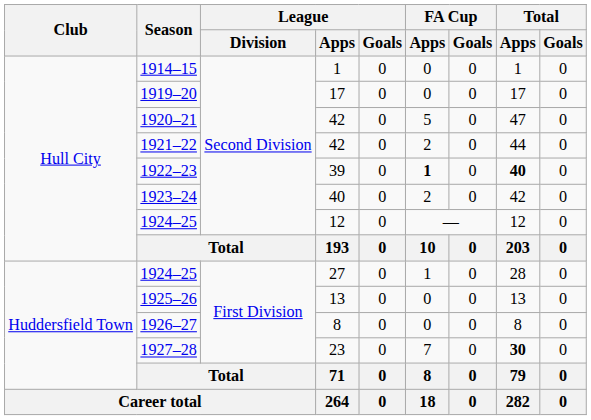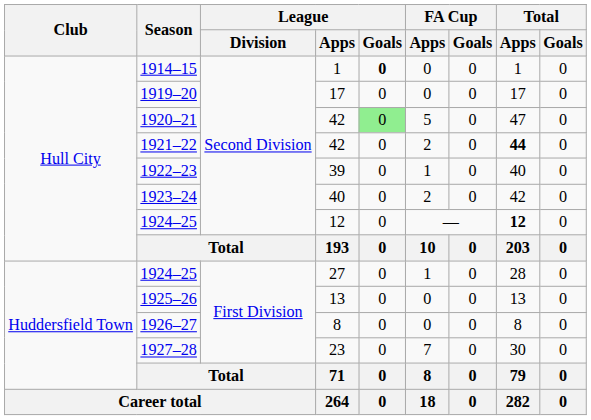 <table class="wikitable" style="text-align: center;">
 <tr>
 <th rowspan="2">Club</th>
 <th rowspan="2">Season</th>
 <th colspan="3">League</th>
 <th colspan="2">FA Cup</th>
 <th colspan="2">Total</th>
 </tr>
 <tr>
 <th>Division</th>
 <th>Apps</th>
 <th>Goals</th>
 <th>Apps</th>
 <th>Goals</th>
 <th>Apps</th>
 <th>Goals</th>
 </tr>
 <tr>
 <td rowspan="8"><a href='#'>Hull City</a></td>
 <td><a href='#'>1914–15</a></td>
 <td rowspan="7"><a href='#'>Second Division</a></td>
 <td>1</td>
-<td>0</td>
+<td><strong>0</strong></td>
 <td>0</td>
 <td>0</td>
 <td>1</td>
 <td>0</td>
 </tr>
 <tr>
 <td><a href='#'>1919–20</a></td>
 <td>17</td>
 <td>0</td>
 <td>0</td>
 <td>0</td>
 <td>17</td>
 <td>0</td>
 </tr>
 <tr>
 <td><a href='#'>1920–21</a></td>
 <td>42</td>
-<td>0</td>
+<td style="background: lightgreen;">0</td>
 <td>5</td>
 <td>0</td>
 <td>47</td>
 <td>0</td>
 </tr>
 <tr>
 <td><a href='#'>1921–22</a></td>
 <td>42</td>
 <td>0</td>
 <td>2</td>
 <td>0</td>
-<td>44</td>
+<td><strong>44</strong></td>
 <td>0</td>
 </tr>
 <tr>
 <td><a href='#'>1922–23</a></td>
 <td>39</td>
 <td>0</td>
-<td><strong>1</strong></td>
+<td>1</td>
 <td>0</td>
-<td><strong>40</strong></td>
+<td>40</td>
 <td>0</td>
 </tr>
 <tr>
 <td><a href='#'>1923–24</a></td>
 <td>40</td>
 <td>0</td>
 <td>2</td>
 <td>0</td>
 <td>42</td>
 <td>0</td>
 </tr>
 <tr>
 <td><a href='#'>1924–25</a></td>
 <td>12</td>
 <td>0</td>
 <td colspan="2">―</td>
-<td>12</td>
+<td><strong>12</strong></td>
 <td>0</td>
 </tr>
 <tr>
 <th colspan="2">Total</th>
 <th>193</th>
 <th>0</th>
 <th>10</th>
 <th>0</th>
 <th>203</th>
 <th>0</th>
 </tr>
 <tr>
 <td rowspan="5"><a href='#'>Huddersfield Town</a></td>
 <td><a href='#'>1924–25</a></td>
 <td rowspan="4"><a href='#'>First Division</a></td>
 <td>27</td>
 <td>0</td>
 <td>1</td>
 <td>0</td>
 <td>28</td>
 <td>0</td>
 </tr>
 <tr>
 <td><a href='#'>1925–26</a></td>
 <td>13</td>
 <td>0</td>
 <td>0</td>
 <td>0</td>
 <td>13</td>
 <td>0</td>
 </tr>
 <tr>
 <td><a href='#'>1926–27</a></td>
 <td>8</td>
 <td>0</td>
 <td>0</td>
 <td>0</td>
 <td>8</td>
 <td>0</td>
 </tr>
 <tr>
 <td><a href='#'>1927–28</a></td>
 <td>23</td>
 <td>0</td>
 <td>7</td>
 <td>0</td>
-<td><strong>30</strong></td>
+<td>30</td>
 <td>0</td>
 </tr>
 <tr>
 <th colspan="2">Total</th>
 <th>71</th>
 <th>0</th>
 <th>8</th>
 <th>0</th>
 <th>79</th>
 <th>0</th>
 </tr>
 <tr>
 <th colspan="3">Career total</th>
 <th>264</th>
 <th>0</th>
 <th>18</th>
 <th>0</th>
 <th>282</th>
 <th>0</th>
 </tr>
 </table>
